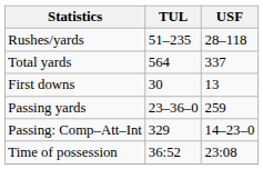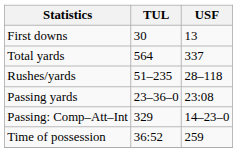 <table class="wikitable" style="float: left;">
 <tr>
 <th>Statistics</th>
 <th>TUL</th>
 <th>USF</th>
 </tr>
 <tr>
-<td>Rushes/yards</td>
-<td>51–235</td>
-<td>28–118</td>
+<td>First downs</td>
+<td>30</td>
+<td>13</td>
 </tr>
 <tr>
 <td>Total yards</td>
 <td>564</td>
 <td>337</td>
 </tr>
 <tr>
-<td>First downs</td>
-<td>30</td>
-<td>13</td>
+<td>Rushes/yards</td>
+<td>51–235</td>
+<td>28–118</td>
 </tr>
 <tr>
 <td>Passing yards</td>
 <td>23–36–0</td>
-<td>259</td>
+<td>23:08</td>
 </tr>
 <tr>
 <td>Passing: Comp–Att–Int</td>
 <td>329</td>
 <td>14–23–0</td>
 </tr>
 <tr>
 <td>Time of possession</td>
 <td>36:52</td>
-<td>23:08</td>
+<td>259</td>
 </tr>
 <tr>
 </tr>
 </table>
